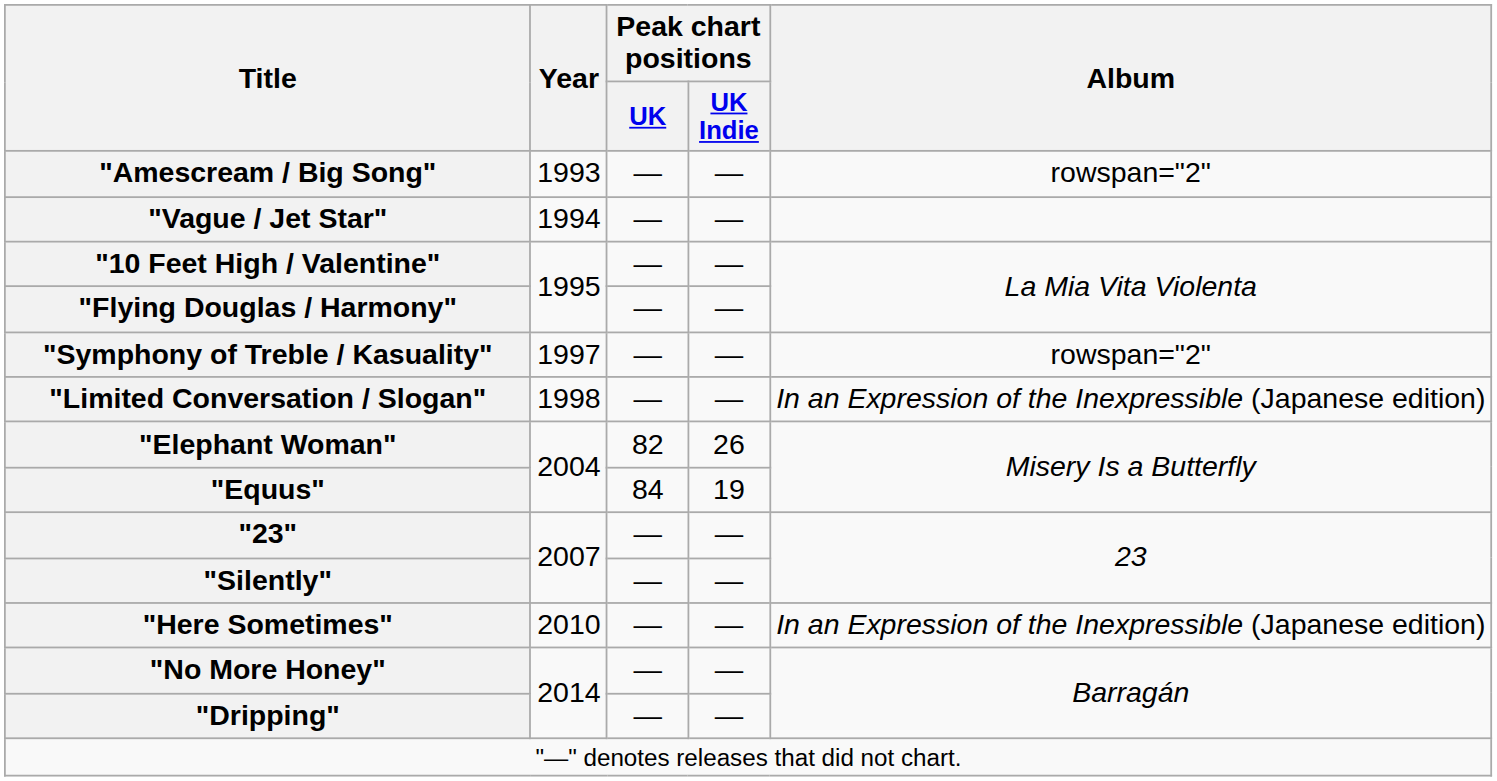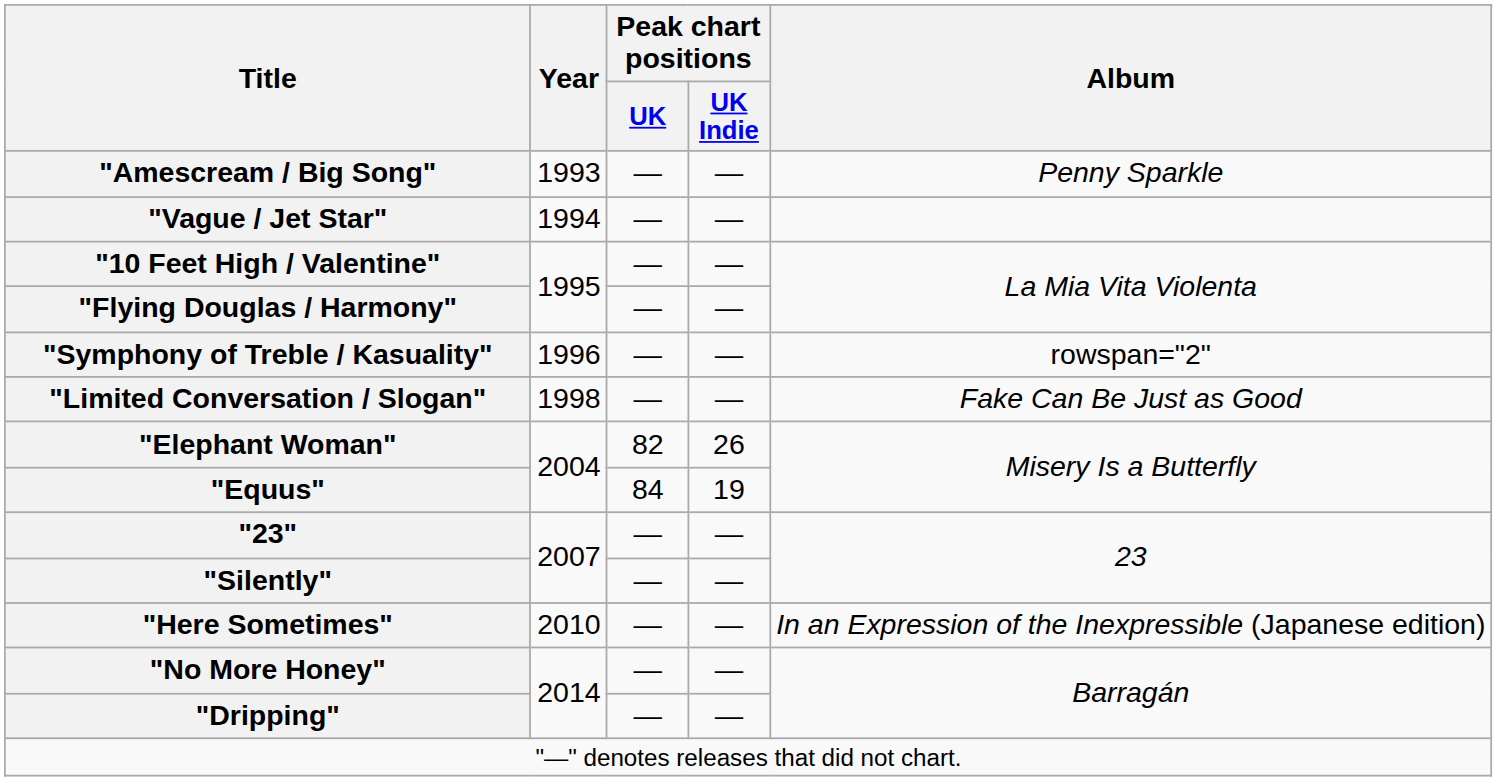 <table class="wikitable plainrowheaders" style="text-align:center;">
 <tr>
 <th scope="col" rowspan="2" style="width:18em;">Title</th>
 <th scope="col" rowspan="2">Year</th>
 <th scope="col" colspan="2">Peak chart positions</th>
 <th scope="col" rowspan="2">Album</th>
 </tr>
 <tr>
 <th scope="col" style="width:2.7em;font-size:90%;"><a href='#'>UK</a><br></th>
 <th scope="col" style="width:2.7em;font-size:90%;"><a href='#'>UK<br>Indie</a><br></th>
 </tr>
 <tr>
 <th scope="row">"Amescream / Big Song"</th>
 <td>1993</td>
 <td>—</td>
 <td>—</td>
-<td>rowspan="2" </td>
+<td><em>Penny Sparkle</em></td>
 </tr>
 <tr>
 <th scope="row">"Vague / Jet Star"</th>
 <td>1994</td>
 <td>—</td>
 <td>—</td>
 </tr>
 <tr>
 <th scope="row">"10 Feet High / Valentine"</th>
 <td rowspan="2">1995</td>
 <td>—</td>
 <td>—</td>
 <td rowspan="2"><em>La Mia Vita Violenta</em></td>
 </tr>
 <tr>
 <th scope="row">"Flying Douglas / Harmony"</th>
 <td>—</td>
 <td>—</td>
 </tr>
 <tr>
 <th scope="row">"Symphony of Treble / Kasuality"</th>
-<td>1997</td>
+<td>1996</td>
 <td>—</td>
 <td>—</td>
 <td>rowspan="2" </td>
 </tr>
 <tr>
 <th scope="row">"Limited Conversation / Slogan"</th>
 <td>1998</td>
 <td>—</td>
 <td>—</td>
-<td><em>In an Expression of the Inexpressible</em> (Japanese edition)</td>
+<td><em>Fake Can Be Just as Good</em></td>
 </tr>
 <tr>
 <th scope="row">"Elephant Woman"</th>
 <td rowspan="2">2004</td>
 <td>82</td>
 <td>26</td>
 <td rowspan="2"><em>Misery Is a Butterfly</em></td>
 </tr>
 <tr>
 <th scope="row">"Equus"</th>
 <td>84</td>
 <td>19</td>
 </tr>
 <tr>
 <th scope="row">"23"</th>
 <td rowspan="2">2007</td>
 <td>—</td>
 <td>—</td>
 <td rowspan="2"><em>23</em></td>
 </tr>
 <tr>
 <th scope="row">"Silently"</th>
 <td>—</td>
 <td>—</td>
 </tr>
 <tr>
 <th scope="row">"Here Sometimes"</th>
 <td>2010</td>
 <td>—</td>
 <td>—</td>
 <td><em>In an Expression of the Inexpressible</em> (Japanese edition)</td>
 </tr>
 <tr>
 <th scope="row">"No More Honey"</th>
 <td rowspan="2">2014</td>
 <td>—</td>
 <td>—</td>
 <td rowspan="2"><em>Barragán</em></td>
 </tr>
 <tr>
 <th scope="row">"Dripping"</th>
 <td>—</td>
 <td>—</td>
 </tr>
 <tr>
 <td colspan="14" style="text-align:center; font-size:85%">"—" denotes releases that did not chart.</td>
 </tr>
 </table>
